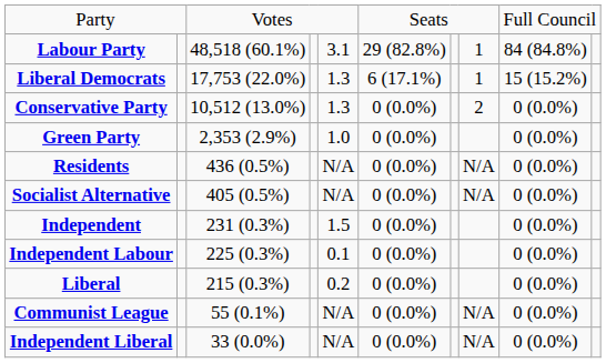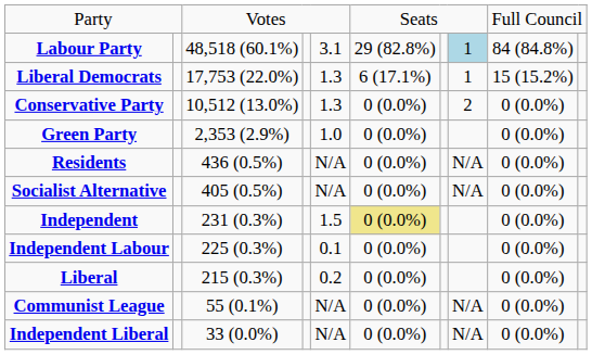 <table class=wikitable style="text-align:center;">
 <tr>
 <td colspan=2>Party</td>
 <td colspan=3>Votes</td>
 <td colspan=3>Seats</td>
 <td colspan=3>Full Council</td>
 </tr>
 <tr>
 <td><strong><a href='#'>Labour Party</a></strong></td>
 <td style="background:"></td>
 <td>48,518 (60.1%)</td>
 <td></td>
 <td> 3.1</td>
 <td>29 (82.8%)</td>
 <td></td>
-<td> 1</td>
+<td style="background: lightblue;"> 1</td>
 <td>84 (84.8%)</td>
 <td></td>
 </tr>
 <tr>
 <td><strong><a href='#'>Liberal Democrats</a></strong></td>
 <td style="background:"></td>
 <td>17,753 (22.0%)</td>
 <td></td>
 <td> 1.3</td>
 <td>6 (17.1%)</td>
 <td></td>
 <td> 1</td>
 <td>15 (15.2%)</td>
 <td></td>
 </tr>
 <tr>
 <td><strong><a href='#'>Conservative Party</a></strong></td>
 <td style="background:"></td>
 <td>10,512 (13.0%)</td>
 <td></td>
 <td> 1.3</td>
 <td>0 (0.0%)</td>
 <td></td>
 <td> 2</td>
 <td>0 (0.0%)</td>
 <td></td>
 </tr>
 <tr>
 <td><strong><a href='#'>Green Party</a></strong></td>
 <td style="background:"></td>
 <td>2,353 (2.9%)</td>
 <td></td>
 <td> 1.0</td>
 <td>0 (0.0%)</td>
 <td></td>
 <td></td>
 <td>0 (0.0%)</td>
 <td></td>
 </tr>
 <tr>
 <td><strong><a href='#'>Residents</a></strong></td>
 <td style="background:"></td>
 <td>436 (0.5%)</td>
 <td></td>
 <td>N/A</td>
 <td>0 (0.0%)</td>
 <td></td>
 <td>N/A</td>
 <td>0 (0.0%)</td>
 <td></td>
 </tr>
 <tr>
 <td><strong><a href='#'>Socialist Alternative</a></strong></td>
 <td style="background:"></td>
 <td>405 (0.5%)</td>
 <td></td>
 <td>N/A</td>
 <td>0 (0.0%)</td>
 <td></td>
 <td>N/A</td>
 <td>0 (0.0%)</td>
 <td></td>
 </tr>
 <tr>
 <td><strong><a href='#'>Independent</a></strong></td>
 <td style="background:"></td>
 <td>231 (0.3%)</td>
 <td></td>
 <td> 1.5</td>
-<td>0 (0.0%)</td>
+<td style="background: khaki;">0 (0.0%)</td>
 <td></td>
 <td></td>
 <td>0 (0.0%)</td>
 <td></td>
 </tr>
 <tr>
 <td><strong><a href='#'>Independent Labour</a></strong></td>
 <td style="background:"></td>
 <td>225 (0.3%)</td>
 <td></td>
 <td> 0.1</td>
 <td>0 (0.0%)</td>
 <td></td>
 <td></td>
 <td>0 (0.0%)</td>
 <td></td>
 </tr>
 <tr>
 <td><strong><a href='#'>Liberal</a></strong></td>
 <td style="background:"></td>
 <td>215 (0.3%)</td>
 <td></td>
 <td> 0.2</td>
 <td>0 (0.0%)</td>
 <td></td>
 <td></td>
 <td>0 (0.0%)</td>
 <td></td>
 </tr>
 <tr>
 <td><strong><a href='#'>Communist League</a></strong></td>
 <td style="background:"></td>
 <td>55 (0.1%)</td>
 <td></td>
 <td>N/A</td>
 <td>0 (0.0%)</td>
 <td></td>
 <td>N/A</td>
 <td>0 (0.0%)</td>
 <td></td>
 </tr>
 <tr>
 <td><strong><a href='#'>Independent Liberal</a></strong></td>
 <td style="background:"></td>
 <td>33 (0.0%)</td>
 <td></td>
 <td>N/A</td>
 <td>0 (0.0%)</td>
 <td></td>
 <td>N/A</td>
 <td>0 (0.0%)</td>
 <td></td>
 </tr>
 </table>
